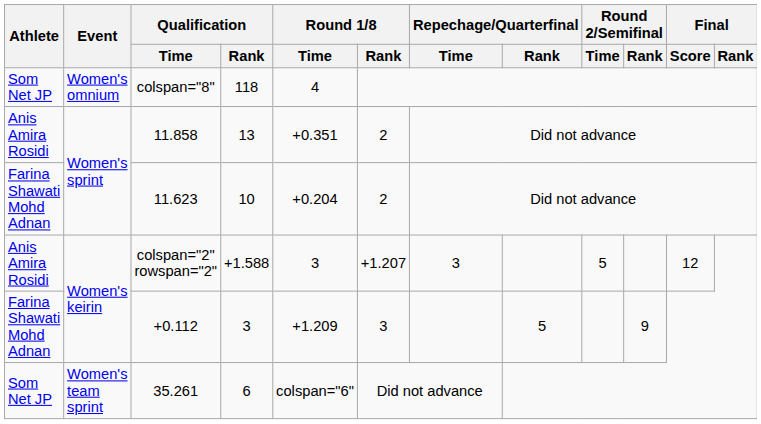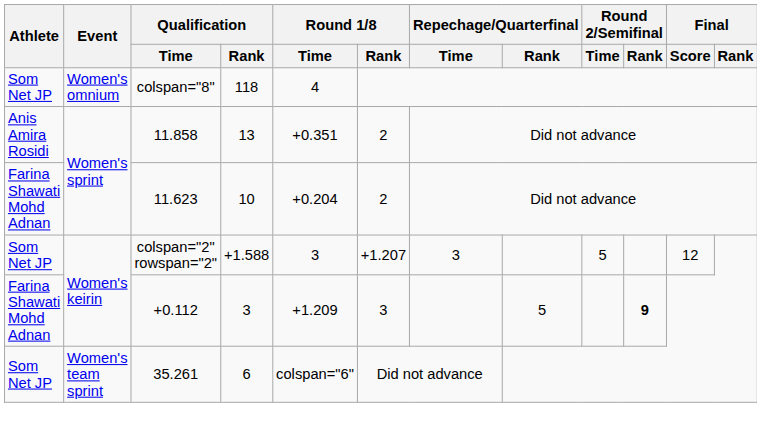 <table class=wikitable style="font-size:90%; text-align:center">
 <tr>
 <th rowspan="2">Athlete</th>
 <th rowspan="2">Event</th>
 <th colspan="2">Qualification</th>
 <th colspan="2">Round 1/8</th>
 <th colspan="2">Repechage/Quarterfinal</th>
 <th colspan="2">Round 2/Semifinal</th>
 <th colspan="2">Final</th>
 </tr>
 <tr>
 <th>Time</th>
 <th>Rank</th>
 <th>Time</th>
 <th>Rank</th>
 <th>Time</th>
 <th>Rank</th>
 <th>Time</th>
 <th>Rank</th>
 <th>Score</th>
 <th>Rank</th>
 </tr>
 <tr>
 <td align=left><a href='#'>Som Net JP</a></td>
 <td align=left><a href='#'>Women's omnium</a></td>
 <td>colspan="8" </td>
 <td>118</td>
 <td>4</td>
 </tr>
 <tr>
 <td align=left><a href='#'>Anis Amira Rosidi</a></td>
 <td align=left rowspan="2"><a href='#'>Women's sprint</a></td>
 <td>11.858</td>
 <td>13 <strong></strong></td>
 <td>+0.351</td>
 <td>2</td>
 <td colspan="6">Did not advance</td>
 </tr>
 <tr>
 <td align=left><a href='#'>Farina Shawati Mohd Adnan</a></td>
 <td>11.623</td>
 <td>10 <strong></strong></td>
 <td>+0.204</td>
 <td>2</td>
 <td colspan="6">Did not advance</td>
 </tr>
 <tr>
-<td align=left><a href='#'>Anis Amira Rosidi</a></td>
+<td align=left><a href='#'>Som Net JP</a></td>
 <td align=left rowspan="2"><a href='#'>Women's keirin</a></td>
 <td>colspan="2" rowspan="2" </td>
 <td>+1.588</td>
 <td>3 <strong></strong></td>
 <td>+1.207</td>
 <td>3 <strong></strong></td>
 <td></td>
 <td>5</td>
 <td></td>
 <td>12</td>
 </tr>
 <tr>
 <td align=left><a href='#'>Farina Shawati Mohd Adnan</a></td>
 <td>+0.112</td>
 <td>3 <strong></strong></td>
 <td>+1.209</td>
 <td>3 <strong></strong></td>
 <td></td>
 <td>5</td>
 <td></td>
-<td>9</td>
+<td><strong>9</strong></td>
 </tr>
 <tr>
 <td align=left><a href='#'>Som Net JP</a></td>
 <td align=left><a href='#'>Women's team sprint</a></td>
 <td>35.261</td>
 <td>6</td>
 <td>colspan="6" </td>
 <td colspan="2">Did not advance</td>
 </tr>
 </table>
